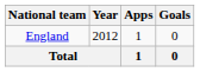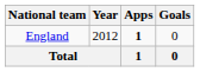 <table class=wikitable style=text-align:center>
 <tr>
 <th>National team</th>
 <th>Year</th>
 <th>Apps</th>
 <th>Goals</th>
 </tr>
 <tr>
 <td><a href='#'>England</a></td>
 <td>2012</td>
-<td>1</td>
+<td><strong>1</strong></td>
 <td>0</td>
 </tr>
 <tr>
 <th colspan=2>Total</th>
 <th>1</th>
 <th>0</th>
 </tr>
 </table>
